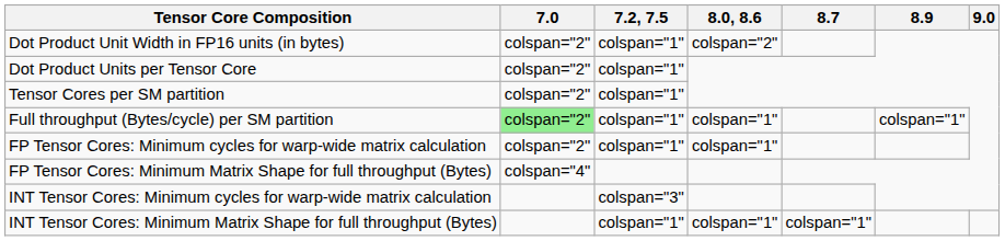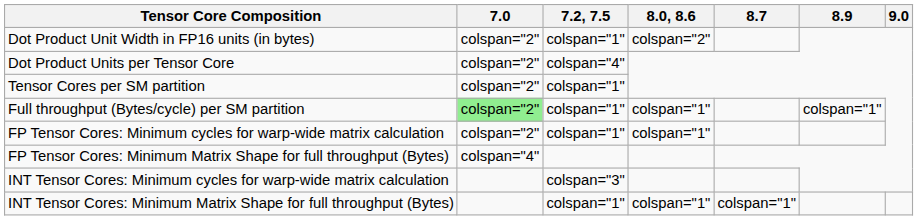 <table class="wikitable" style="font-size:85%;">
 <tr>
 <th>Tensor Core Composition</th>
 <th>7.0</th>
 <th>7.2, 7.5</th>
 <th>8.0, 8.6</th>
 <th>8.7</th>
 <th>8.9</th>
 <th>9.0</th>
 </tr>
 <tr>
 <td>Dot Product Unit Width in FP16 units (in bytes)</td>
 <td>colspan="2" </td>
 <td>colspan="1" </td>
 <td>colspan="2" </td>
 <td></td>
 </tr>
 <tr>
 <td>Dot Product Units per Tensor Core</td>
 <td>colspan="2" </td>
-<td>colspan="1" </td>
+<td>colspan="4" </td>
 </tr>
 <tr>
 <td>Tensor Cores per SM partition</td>
 <td>colspan="2" </td>
 <td>colspan="1" </td>
 </tr>
 <tr>
 <td>Full throughput (Bytes/cycle) per SM partition</td>
 <td style="background: lightgreen;">colspan="2" </td>
 <td>colspan="1" </td>
 <td>colspan="1" </td>
 <td></td>
 <td>colspan="1" </td>
 </tr>
 <tr>
 <td>FP Tensor Cores: Minimum cycles for warp-wide matrix calculation</td>
 <td>colspan="2" </td>
 <td>colspan="1" </td>
 <td>colspan="1" </td>
 <td></td>
 <td></td>
 </tr>
 <tr>
 <td>FP Tensor Cores: Minimum Matrix Shape for full throughput (Bytes)</td>
 <td>colspan="4" </td>
 <td></td>
 <td></td>
 </tr>
 <tr>
 <td>INT Tensor Cores: Minimum cycles for warp-wide matrix calculation</td>
 <td></td>
 <td>colspan="3" </td>
 <td></td>
 <td></td>
 </tr>
 <tr>
 <td>INT Tensor Cores: Minimum Matrix Shape for full throughput (Bytes)</td>
 <td></td>
 <td>colspan="1" </td>
 <td>colspan="1" </td>
 <td>colspan="1" </td>
 <td></td>
 <td></td>
 </tr>
 </table>
